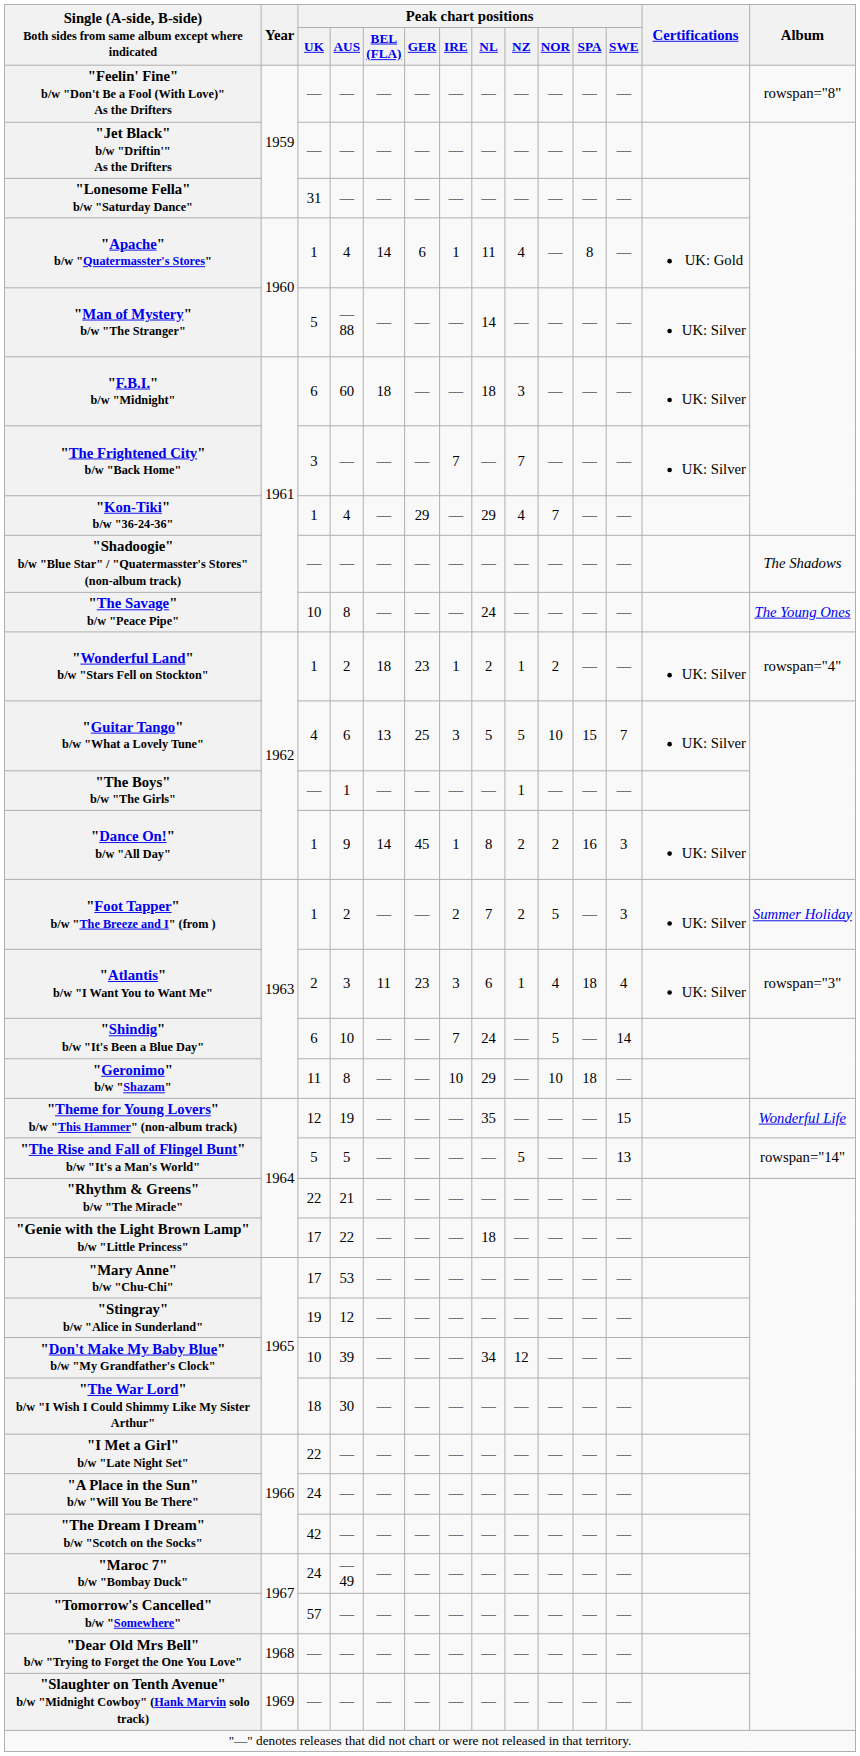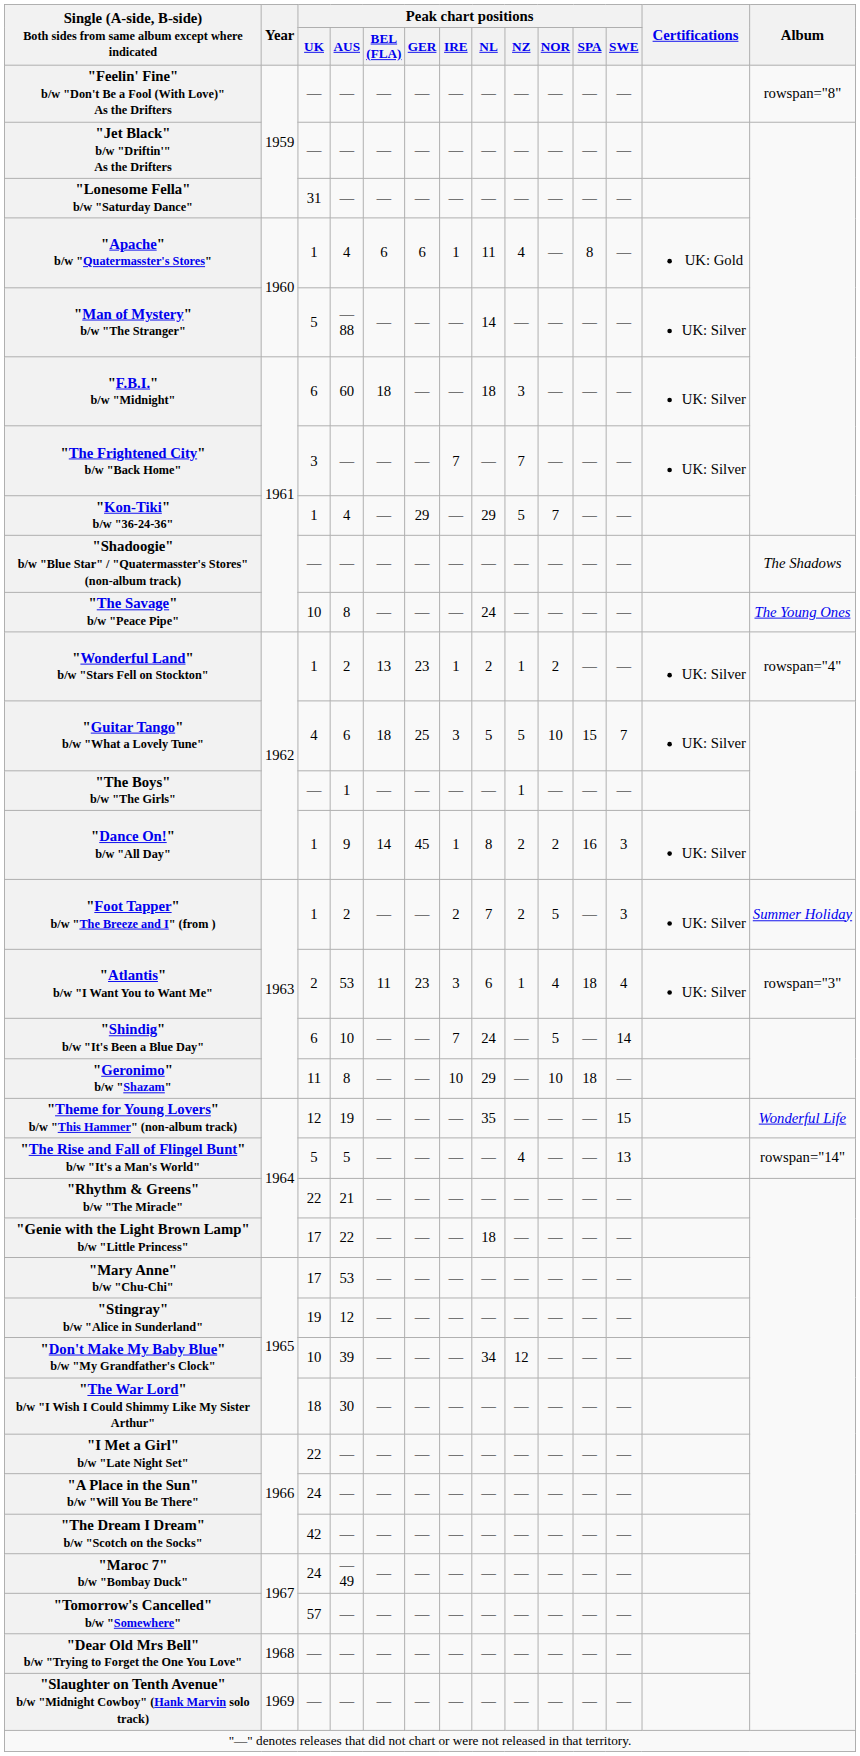 <table class="wikitable plainrowheaders" style="text-align:center;">
 <tr>
 <th rowspan="2" scope="col" style="width:17em;">Single (A-side, B-side)<br><small>Both sides from same album except where indicated</small></th>
 <th rowspan="2" scope="col" style="width:2em;">Year</th>
 <th colspan="10">Peak chart positions</th>
 <th rowspan="2"><a href='#'>Certifications</a> </th>
 <th rowspan="2">Album</th>
 </tr>
 <tr>
 <th scope="col" style="width:2em;font-size:90%;"><a href='#'>UK</a><br></th>
 <th scope="col" style="width:2em;font-size:90%;"><a href='#'>AUS</a><br></th>
 <th scope="col" style="width:2em;font-size:90%;"><a href='#'>BEL (FLA)</a><br></th>
 <th scope="col" style="width:2em;font-size:90%;"><a href='#'>GER</a><br></th>
 <th scope="col" style="width:2em;font-size:90%;"><a href='#'>IRE</a><br></th>
 <th scope="col" style="width:2em;font-size:90%;"><a href='#'>NL</a><br></th>
 <th scope="col" style="width:2em;font-size:90%;"><a href='#'>NZ</a><br></th>
 <th scope="col" style="width:2em;font-size:90%;"><a href='#'>NOR</a><br></th>
 <th scope="col" style="width:2em;font-size:90%;"><a href='#'>SPA</a><br></th>
 <th scope="col" style="width:2em;font-size:90%;"><a href='#'>SWE</a><br></th>
 </tr>
 <tr>
 <th scope="row">"Feelin' Fine"<br><small>b/w "Don't Be a Fool (With Love)"</small><br><small>As the Drifters</small></th>
 <td rowspan="3">1959</td>
 <td>—</td>
 <td>—</td>
 <td>—</td>
 <td>—</td>
 <td>—</td>
 <td>—</td>
 <td>—</td>
 <td>—</td>
 <td>—</td>
 <td>—</td>
 <td></td>
 <td>rowspan="8" </td>
 </tr>
 <tr>
 <th scope="row">"Jet Black"<br><small>b/w "Driftin'"</small><br><small>As the Drifters</small></th>
 <td>—</td>
 <td>—</td>
 <td>—</td>
 <td>—</td>
 <td>—</td>
 <td>—</td>
 <td>—</td>
 <td>—</td>
 <td>—</td>
 <td>—</td>
 <td></td>
 </tr>
 <tr>
 <th scope="row">"Lonesome Fella"<br><small>b/w "Saturday Dance"</small></th>
 <td>31</td>
 <td>—</td>
 <td>—</td>
 <td>—</td>
 <td>—</td>
 <td>—</td>
 <td>—</td>
 <td>—</td>
 <td>—</td>
 <td>—</td>
 <td></td>
 </tr>
 <tr>
 <th scope="row">"<a href='#'>Apache</a>"<br><small>b/w "<a href='#'>Quatermasster's Stores</a>"</small></th>
 <td rowspan="2">1960</td>
 <td>1</td>
 <td>4</td>
-<td>14</td>
+<td>6</td>
 <td>6</td>
 <td>1</td>
 <td>11</td>
 <td>4</td>
 <td>—</td>
 <td>8</td>
 <td>—</td>
 <td><br><ul><li>UK: Gold</li></ul></td>
 </tr>
 <tr>
 <th scope="row">"<a href='#'>Man of Mystery</a>"<br><small>b/w "The Stranger"</small></th>
 <td>5</td>
 <td>—<br>88</td>
 <td>—</td>
 <td>—</td>
 <td>—</td>
 <td>14</td>
 <td>—</td>
 <td>—</td>
 <td>—</td>
 <td>—</td>
 <td><br><ul><li>UK: Silver</li></ul></td>
 </tr>
 <tr>
 <th scope="row">"<a href='#'>F.B.I.</a>"<br><small>b/w "Midnight"</small></th>
 <td rowspan="5">1961</td>
 <td>6</td>
 <td>60</td>
 <td>18</td>
 <td>—</td>
 <td>—</td>
 <td>18</td>
 <td>3</td>
 <td>—</td>
 <td>—</td>
 <td>—</td>
 <td><br><ul><li>UK: Silver</li></ul></td>
 </tr>
 <tr>
 <th scope="row">"<a href='#'>The Frightened City</a>"<br><small>b/w "Back Home"</small></th>
 <td>3</td>
 <td>—</td>
 <td>—</td>
 <td>—</td>
 <td>7</td>
 <td>—</td>
 <td>7</td>
 <td>—</td>
 <td>—</td>
 <td>—</td>
 <td><br><ul><li>UK: Silver</li></ul></td>
 </tr>
 <tr>
 <th scope="row">"<a href='#'>Kon-Tiki</a>"<br><small>b/w "36-24-36"</small></th>
 <td>1</td>
 <td>4</td>
 <td>—</td>
 <td>29</td>
 <td>—</td>
 <td>29</td>
-<td>4</td>
+<td>5</td>
 <td>7</td>
 <td>—</td>
 <td>—</td>
 <td></td>
 </tr>
 <tr>
 <th scope="row">"Shadoogie" <br><small>b/w "Blue Star" / "Quatermasster's Stores" (non-album track)</small></th>
 <td>—</td>
 <td>—</td>
 <td>—</td>
 <td>—</td>
 <td>—</td>
 <td>—</td>
 <td>—</td>
 <td>—</td>
 <td>—</td>
 <td>—</td>
 <td></td>
 <td><em>The Shadows</em></td>
 </tr>
 <tr>
 <th scope="row">"<a href='#'>The Savage</a>"<br><small>b/w "Peace Pipe"</small></th>
 <td>10</td>
 <td>8</td>
 <td>—</td>
 <td>—</td>
 <td>—</td>
 <td>24</td>
 <td>—</td>
 <td>—</td>
 <td>—</td>
 <td>—</td>
 <td></td>
 <td><em><a href='#'>The Young Ones</a></em></td>
 </tr>
 <tr>
 <th scope="row">"<a href='#'>Wonderful Land</a>"<br><small>b/w "Stars Fell on Stockton"</small></th>
 <td rowspan="4">1962</td>
 <td>1</td>
 <td>2</td>
-<td>18</td>
+<td>13</td>
 <td>23</td>
 <td>1</td>
 <td>2</td>
 <td>1</td>
 <td>2</td>
 <td>—</td>
 <td>—</td>
 <td><br><ul><li>UK: Silver</li></ul></td>
 <td>rowspan="4" </td>
 </tr>
 <tr>
 <th scope="row">"<a href='#'>Guitar Tango</a>"<br><small>b/w "What a Lovely Tune"</small></th>
 <td>4</td>
 <td>6</td>
-<td>13</td>
+<td>18</td>
 <td>25</td>
 <td>3</td>
 <td>5</td>
 <td>5</td>
 <td>10</td>
 <td>15</td>
 <td>7</td>
 <td><br><ul><li>UK: Silver</li></ul></td>
 </tr>
 <tr>
 <th scope="row">"The Boys" <br><small>b/w "The Girls"</small></th>
 <td>—</td>
 <td>1</td>
 <td>—</td>
 <td>—</td>
 <td>—</td>
 <td>—</td>
 <td>1</td>
 <td>—</td>
 <td>—</td>
 <td>—</td>
 <td></td>
 </tr>
 <tr>
 <th scope="row">"<a href='#'>Dance On!</a>"<br><small>b/w "All Day"</small></th>
 <td>1</td>
 <td>9</td>
 <td>14</td>
 <td>45</td>
 <td>1</td>
 <td>8</td>
 <td>2</td>
 <td>2</td>
 <td>16</td>
 <td>3</td>
 <td><br><ul><li>UK: Silver</li></ul></td>
 </tr>
 <tr>
 <th scope="row">"<a href='#'>Foot Tapper</a>"<br><small>b/w "<a href='#'>The Breeze and I</a>" (from <em></em>)</small></th>
 <td rowspan="4">1963</td>
 <td>1</td>
 <td>2</td>
 <td>—</td>
 <td>—</td>
 <td>2</td>
 <td>7</td>
 <td>2</td>
 <td>5</td>
 <td>—</td>
 <td>3</td>
 <td><br><ul><li>UK: Silver</li></ul></td>
 <td><em><a href='#'>Summer Holiday</a></em></td>
 </tr>
 <tr>
 <th scope="row">"<a href='#'>Atlantis</a>"<br><small>b/w "I Want You to Want Me"</small></th>
 <td>2</td>
-<td>3</td>
+<td>53</td>
 <td>11</td>
 <td>23</td>
 <td>3</td>
 <td>6</td>
 <td>1</td>
 <td>4</td>
 <td>18</td>
 <td>4</td>
 <td><br><ul><li>UK: Silver</li></ul></td>
 <td>rowspan="3" </td>
 </tr>
 <tr>
 <th scope="row">"<a href='#'>Shindig</a>"<br><small>b/w "It's Been a Blue Day"</small></th>
 <td>6</td>
 <td>10</td>
 <td>—</td>
 <td>—</td>
 <td>7</td>
 <td>24</td>
 <td>—</td>
 <td>5</td>
 <td>—</td>
 <td>14</td>
 <td></td>
 </tr>
 <tr>
 <th scope="row">"<a href='#'>Geronimo</a>"<br><small>b/w "<a href='#'>Shazam</a>"</small></th>
 <td>11</td>
 <td>8</td>
 <td>—</td>
 <td>—</td>
 <td>10</td>
 <td>29</td>
 <td>—</td>
 <td>10</td>
 <td>18</td>
 <td>—</td>
 <td></td>
 </tr>
 <tr>
 <th scope="row">"<a href='#'>Theme for Young Lovers</a>"<br><small>b/w "<a href='#'>This Hammer</a>" (non-album track)</small></th>
 <td rowspan="4">1964</td>
 <td>12</td>
 <td>19</td>
 <td>—</td>
 <td>—</td>
 <td>—</td>
 <td>35</td>
 <td>—</td>
 <td>—</td>
 <td>—</td>
 <td>15</td>
 <td></td>
 <td><em><a href='#'>Wonderful Life</a></em></td>
 </tr>
 <tr>
 <th scope="row">"<a href='#'>The Rise and Fall of Flingel Bunt</a>"<br><small>b/w "It's a Man's World"</small></th>
 <td>5</td>
 <td>5</td>
 <td>—</td>
 <td>—</td>
 <td>—</td>
 <td>—</td>
-<td>5</td>
+<td>4</td>
 <td>—</td>
 <td>—</td>
 <td>13</td>
 <td></td>
 <td>rowspan="14" </td>
 </tr>
 <tr>
 <th scope="row">"Rhythm & Greens"<br><small>b/w "The Miracle"</small></th>
 <td>22</td>
 <td>21</td>
 <td>—</td>
 <td>—</td>
 <td>—</td>
 <td>—</td>
 <td>—</td>
 <td>—</td>
 <td>—</td>
 <td>—</td>
 <td></td>
 </tr>
 <tr>
 <th scope="row">"Genie with the Light Brown Lamp"<br><small>b/w "Little Princess"</small></th>
 <td>17</td>
 <td>22</td>
 <td>—</td>
 <td>—</td>
 <td>—</td>
 <td>18</td>
 <td>—</td>
 <td>—</td>
 <td>—</td>
 <td>—</td>
 <td></td>
 </tr>
 <tr>
 <th scope="row">"Mary Anne"<br><small>b/w "Chu-Chi"</small></th>
 <td rowspan="4">1965</td>
 <td>17</td>
 <td>53</td>
 <td>—</td>
 <td>—</td>
 <td>—</td>
 <td>—</td>
 <td>—</td>
 <td>—</td>
 <td>—</td>
 <td>—</td>
 <td></td>
 </tr>
 <tr>
 <th scope="row">"Stingray"<br><small>b/w "Alice in Sunderland"</small></th>
 <td>19</td>
 <td>12</td>
 <td>—</td>
 <td>—</td>
 <td>—</td>
 <td>—</td>
 <td>—</td>
 <td>—</td>
 <td>—</td>
 <td>—</td>
 <td></td>
 </tr>
 <tr>
 <th scope="row">"<a href='#'>Don't Make My Baby Blue</a>"<br><small>b/w "My Grandfather's Clock"</small></th>
 <td>10</td>
 <td>39</td>
 <td>—</td>
 <td>—</td>
 <td>—</td>
 <td>34</td>
 <td>12</td>
 <td>—</td>
 <td>—</td>
 <td>—</td>
 <td></td>
 </tr>
 <tr>
 <th scope="row">"<a href='#'>The War Lord</a>"<br><small>b/w "I Wish I Could Shimmy Like My Sister Arthur"</small></th>
 <td>18</td>
 <td>30</td>
 <td>—</td>
 <td>—</td>
 <td>—</td>
 <td>—</td>
 <td>—</td>
 <td>—</td>
 <td>—</td>
 <td>—</td>
 <td></td>
 </tr>
 <tr>
 <th scope="row">"I Met a Girl"<br><small>b/w "Late Night Set"</small></th>
 <td rowspan="3">1966</td>
 <td>22</td>
 <td>—</td>
 <td>—</td>
 <td>—</td>
 <td>—</td>
 <td>—</td>
 <td>—</td>
 <td>—</td>
 <td>—</td>
 <td>—</td>
 <td></td>
 </tr>
 <tr>
 <th scope="row">"A Place in the Sun"<br><small>b/w "Will You Be There"</small></th>
 <td>24</td>
 <td>—</td>
 <td>—</td>
 <td>—</td>
 <td>—</td>
 <td>—</td>
 <td>—</td>
 <td>—</td>
 <td>—</td>
 <td>—</td>
 <td></td>
 </tr>
 <tr>
 <th scope="row">"The Dream I Dream"<br><small>b/w "Scotch on the Socks"</small></th>
 <td>42</td>
 <td>—</td>
 <td>—</td>
 <td>—</td>
 <td>—</td>
 <td>—</td>
 <td>—</td>
 <td>—</td>
 <td>—</td>
 <td>—</td>
 <td></td>
 </tr>
 <tr>
 <th scope="row">"Maroc 7"<br><small>b/w "Bombay Duck"</small></th>
 <td rowspan="2">1967</td>
 <td>24</td>
 <td>—<br>49</td>
 <td>—</td>
 <td>—</td>
 <td>—</td>
 <td>—</td>
 <td>—</td>
 <td>—</td>
 <td>—</td>
 <td>—</td>
 <td></td>
 </tr>
 <tr>
 <th scope="row">"Tomorrow's Cancelled"<br><small>b/w "<a href='#'>Somewhere</a>"</small></th>
 <td>57</td>
 <td>—</td>
 <td>—</td>
 <td>—</td>
 <td>—</td>
 <td>—</td>
 <td>—</td>
 <td>—</td>
 <td>—</td>
 <td>—</td>
 <td></td>
 </tr>
 <tr>
 <th scope="row">"Dear Old Mrs Bell"<br><small>b/w "Trying to Forget the One You Love"</small></th>
 <td>1968</td>
 <td>—</td>
 <td>—</td>
 <td>—</td>
 <td>—</td>
 <td>—</td>
 <td>—</td>
 <td>—</td>
 <td>—</td>
 <td>—</td>
 <td>—</td>
 <td></td>
 </tr>
 <tr>
 <th scope="row">"Slaughter on Tenth Avenue"<br><small>b/w "Midnight Cowboy" (<a href='#'>Hank Marvin</a> solo track)</small></th>
 <td>1969</td>
 <td>—</td>
 <td>—</td>
 <td>—</td>
 <td>—</td>
 <td>—</td>
 <td>—</td>
 <td>—</td>
 <td>—</td>
 <td>—</td>
 <td>—</td>
 <td></td>
 </tr>
 <tr>
 <td colspan="14" style="font-size:90%">"—" denotes releases that did not chart or were not released in that territory.</td>
 </tr>
 </table>
